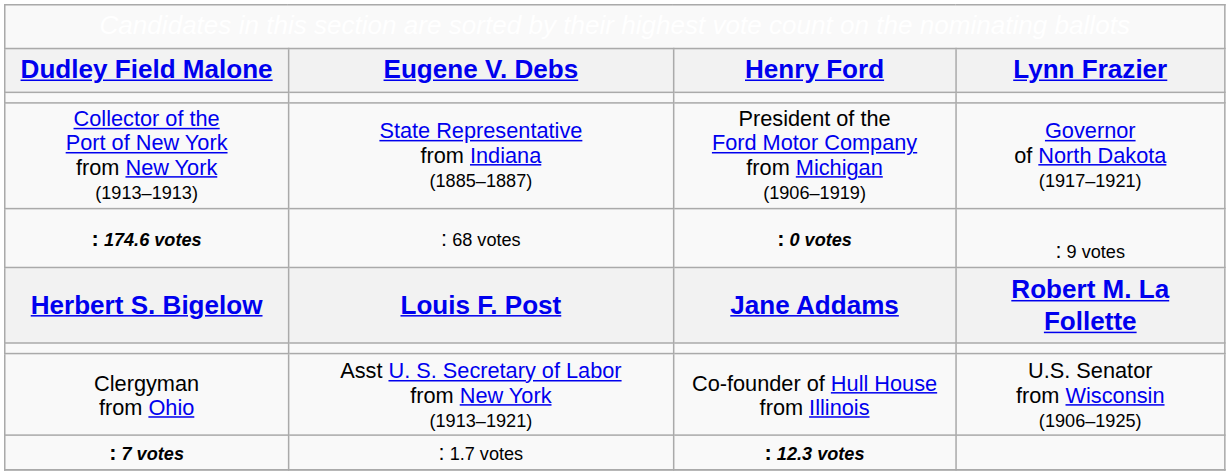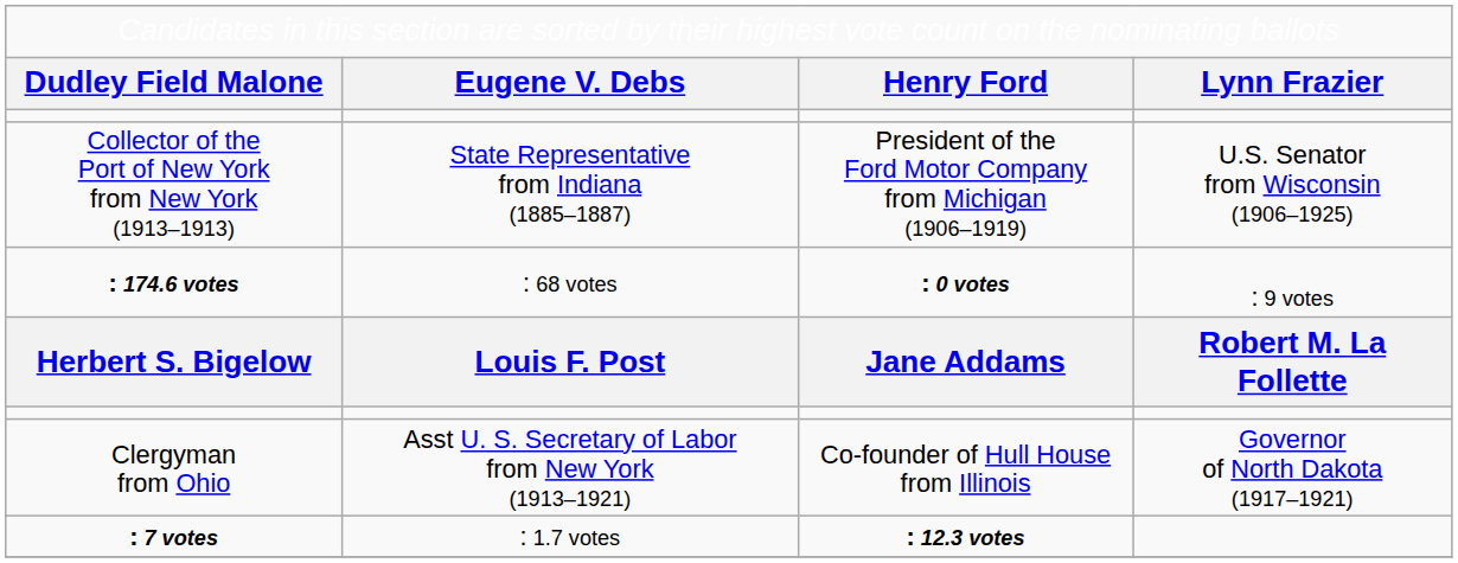 <table class="wikitable" style="font-size:90%">
 <tr>
 <td colspan="7" style="text-align:center; width:800px; font-size:120%; color:white; background:"><em>Candidates in this section are sorted by their highest vote count on the nominating ballots</em></td>
 </tr>
 <tr>
 <th scope="col" style="width:3em; font-size:120%;"><a href='#'>Dudley Field Malone</a></th>
 <th scope="col" style="width:3em; font-size:120%;"><a href='#'>Eugene V. Debs</a></th>
 <th scope="col" style="width:3em; font-size:120%;"><a href='#'>Henry Ford</a></th>
 <th scope="col" style="width:3em; font-size:120%;"><a href='#'>Lynn Frazier</a></th>
 </tr>
 <tr>
 <td></td>
 <td></td>
 <td></td>
 <td></td>
 </tr>
 <tr style="text-align:center">
 <td><a href='#'>Collector of the<br>Port of New York</a><br>from <a href='#'>New York</a><br><small>(1913–1913)</small></td>
 <td><a href='#'>State Representative</a><br>from <a href='#'>Indiana</a><br><small>(1885–1887)</small></td>
 <td>President of the<br><a href='#'>Ford Motor Company</a><br>from <a href='#'>Michigan</a><br><small>(1906–1919)</small></td>
-<td><a href='#'>Governor</a><br>of <a href='#'>North Dakota</a><br><small>(1917–1921)</small></td>
+<td>U.S. Senator<br>from <a href='#'>Wisconsin</a><br><small>(1906–1925)</small></td>
 </tr>
 <tr style="text-align:center">
 <td><strong>:<strong><em><small> 174.6 votes</small><em></td>
 <td></strong>:</em></strong><small> 68 votes</small></em></td>
 <td><strong>:<strong><em><small> 0 votes</small><em></td>
 <td></strong><strong><br></strong>:</em></strong><small> 9 votes</small></em></td>
 </tr>
 <tr>
 <th scope="col" style="width:3em; font-size:120%;"><a href='#'>Herbert S. Bigelow</a></th>
 <th scope="col" style="width:3em; font-size:120%;"><a href='#'>Louis F. Post</a></th>
 <th scope="col" style="width:3em; font-size:120%;"><a href='#'>Jane Addams</a></th>
 <th scope="col" style="width:3em; font-size:120%;"><a href='#'>Robert M. La Follette</a></th>
 </tr>
 <tr>
 <td></td>
 <td></td>
 <td></td>
 <td></td>
 </tr>
 <tr style="text-align:center">
 <td>Clergyman<br>from <a href='#'>Ohio</a></td>
 <td>Asst <a href='#'>U. S. Secretary of Labor</a><br>from <a href='#'>New York</a><br><small>(1913–1921)</small></td>
 <td>Co-founder of <a href='#'>Hull House</a><br>from <a href='#'>Illinois</a></td>
-<td>U.S. Senator<br>from <a href='#'>Wisconsin</a><br><small>(1906–1925)</small></td>
+<td><a href='#'>Governor</a><br>of <a href='#'>North Dakota</a><br><small>(1917–1921)</small></td>
 </tr>
 <tr style="text-align:center">
 <td><strong>:<strong><em><small> 7 votes</small><em></td>
 <td></strong>:</em></strong><small> 1.7 votes</small></em></td>
 <td><strong>:<strong><em><small> 12.3 votes</small><em></td>
 <td></strong><strong></td>
 </tr>
 <tr>
 </tr>
 </table>
